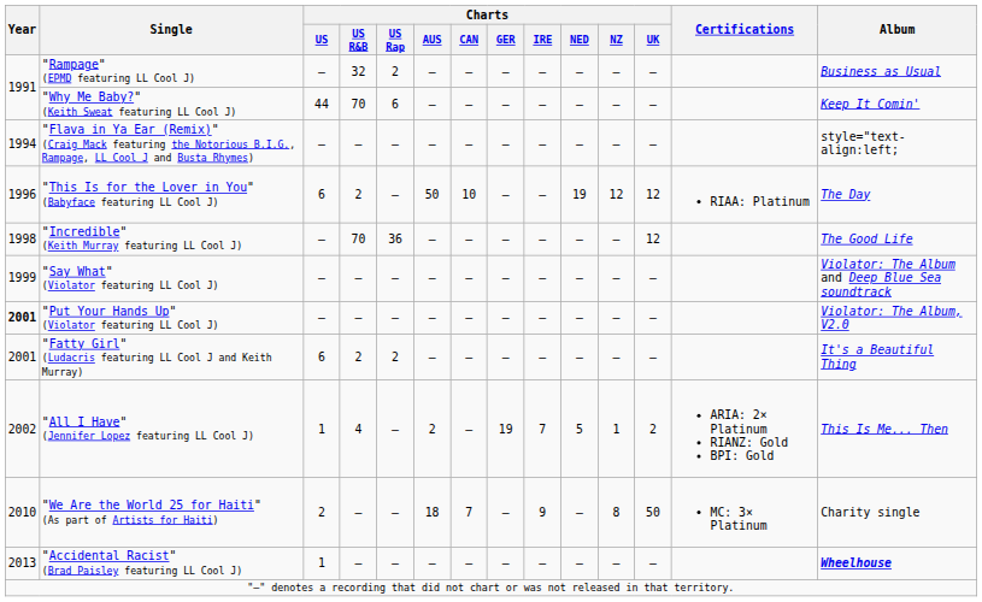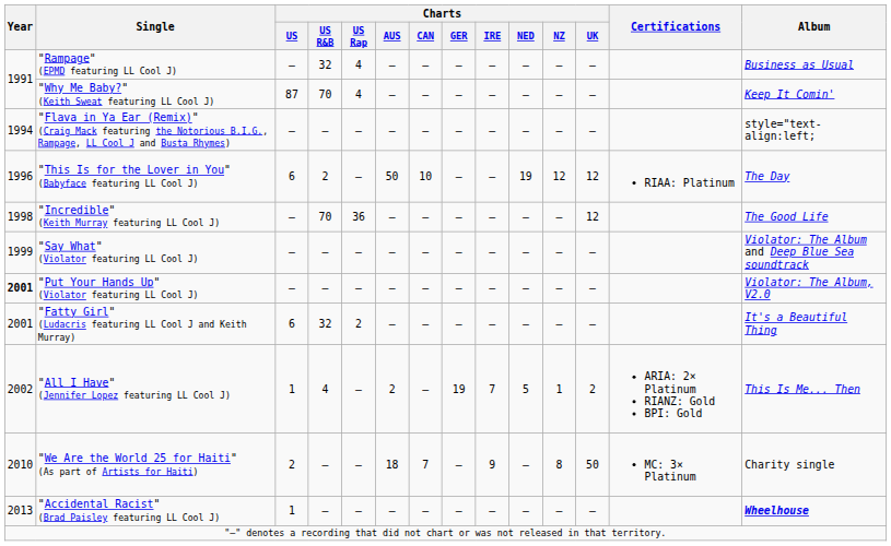 <table class="wikitable">
 <tr>
 <th rowspan="2">Year</th>
 <th rowspan="2" style="width:22em;">Single</th>
 <th colspan="10">Charts</th>
 <th rowspan="2" style="width:12em;"><a href='#'>Certifications</a></th>
 <th rowspan="2" style="width:13em;">Album</th>
 </tr>
 <tr>
 <th style="width:3em;font-size:90%;"><a href='#'>US</a><br></th>
 <th style="width:3em;font-size:90%;"><a href='#'>US<br>R&B</a><br></th>
 <th style="width:3em;font-size:90%;"><a href='#'>US<br>Rap</a><br></th>
 <th style="width:3em;font-size:90%;"><a href='#'>AUS</a><br></th>
 <th style="width:3em;font-size:90%;"><a href='#'>CAN</a><br></th>
 <th style="width:3em;font-size:90%;"><a href='#'>GER</a><br></th>
 <th style="width:3em;font-size:90%;"><a href='#'>IRE</a><br></th>
 <th style="width:3em;font-size:90%;"><a href='#'>NED</a><br></th>
 <th style="width:3em;font-size:90%;"><a href='#'>NZ</a><br></th>
 <th style="width:3em;font-size:90%;"><a href='#'>UK</a><br></th>
 </tr>
 <tr>
 <td rowspan="2">1991</td>
 <td>"<a href='#'>Rampage</a>" <br><small>(<a href='#'>EPMD</a> featuring LL Cool J)</small></td>
 <td align="center">—</td>
 <td align="center">32</td>
-<td align="center">2</td>
+<td align="center">4</td>
 <td align="center">—</td>
 <td align="center">—</td>
 <td align="center">—</td>
 <td align="center">—</td>
 <td align="center">—</td>
 <td align="center">—</td>
 <td align="center">—</td>
 <td></td>
 <td style="text-align:left;"><em><a href='#'>Business as Usual</a></em></td>
 </tr>
 <tr>
 <td>"<a href='#'>Why Me Baby?</a>" <br><small>(<a href='#'>Keith Sweat</a> featuring LL Cool J)</small></td>
-<td align="center">44</td>
+<td align="center">87</td>
 <td align="center">70</td>
-<td align="center">6</td>
+<td align="center">4</td>
 <td align="center">—</td>
 <td align="center">—</td>
 <td align="center">—</td>
 <td align="center">—</td>
 <td align="center">—</td>
 <td align="center">—</td>
 <td align="center">—</td>
 <td></td>
 <td style="text-align:left;"><em><a href='#'>Keep It Comin'</a></em></td>
 </tr>
 <tr>
 <td>1994</td>
 <td>"<a href='#'>Flava in Ya Ear (Remix)</a>" <br><small>(<a href='#'>Craig Mack</a> featuring <a href='#'>the Notorious B.I.G.</a>, <a href='#'>Rampage</a>, <a href='#'>LL Cool J</a> and <a href='#'>Busta Rhymes</a>)</small></td>
 <td align="center">—</td>
 <td align="center">—</td>
 <td align="center">—</td>
 <td align="center">—</td>
 <td align="center">—</td>
 <td align="center">—</td>
 <td align="center">—</td>
 <td align="center">—</td>
 <td align="center">—</td>
 <td align="center">—</td>
 <td></td>
 <td>style="text-align:left; </td>
 </tr>
 <tr>
 <td>1996</td>
 <td>"<a href='#'>This Is for the Lover in You</a>" <br><small>(<a href='#'>Babyface</a> featuring LL Cool J)</small></td>
 <td align="center">6</td>
 <td align="center">2</td>
 <td align="center">—</td>
 <td align="center">50</td>
 <td align="center">10</td>
 <td align="center">—</td>
 <td align="center">—</td>
 <td align="center">19</td>
 <td align="center">12</td>
 <td align="center">12</td>
 <td><br><ul><li>RIAA: Platinum</li></ul></td>
 <td style="text-align:left;"><em><a href='#'>The Day</a></em></td>
 </tr>
 <tr>
 <td>1998</td>
 <td>"<a href='#'>Incredible</a>" <br><small>(<a href='#'>Keith Murray</a> featuring LL Cool J)</small></td>
 <td align="center">—</td>
 <td align="center">70</td>
 <td align="center">36</td>
 <td align="center">—</td>
 <td align="center">—</td>
 <td align="center">—</td>
 <td align="center">—</td>
 <td align="center">—</td>
 <td align="center">—</td>
 <td align="center">12</td>
 <td></td>
 <td style="text-align:left;"><em><a href='#'>The Good Life</a></em></td>
 </tr>
 <tr>
 <td>1999</td>
 <td>"<a href='#'>Say What</a>"<br><small>(<a href='#'>Violator</a> featuring LL Cool J)</small></td>
 <td align="center">—</td>
 <td align="center">—</td>
 <td align="center">—</td>
 <td align="center">—</td>
 <td align="center">—</td>
 <td align="center">—</td>
 <td align="center">—</td>
 <td align="center">—</td>
 <td align="center">—</td>
 <td align="center">—</td>
 <td></td>
 <td style="text-align:left;"><em><a href='#'>Violator: The Album</a></em> and <em><a href='#'>Deep Blue Sea soundtrack</a></em></td>
 </tr>
 <tr>
 <td><strong>2001</strong></td>
 <td>"<a href='#'>Put Your Hands Up</a>"<br><small>(<a href='#'>Violator</a> featuring LL Cool J)</small></td>
 <td align="center">—</td>
 <td align="center">—</td>
 <td align="center">—</td>
 <td align="center">—</td>
 <td align="center">—</td>
 <td align="center">—</td>
 <td align="center">—</td>
 <td align="center">—</td>
 <td align="center">—</td>
 <td align="center">—</td>
 <td></td>
 <td style="text-align:left;"><em><a href='#'>Violator: The Album, V2.0</a></em></td>
 </tr>
 <tr>
 <td>2001</td>
 <td>"<a href='#'>Fatty Girl</a>" <br><small>(<a href='#'>Ludacris</a> featuring LL Cool J and Keith Murray)</small></td>
 <td align="center">6</td>
-<td align="center">2</td>
+<td align="center">32</td>
 <td align="center">2</td>
 <td align="center">—</td>
 <td align="center">—</td>
 <td align="center">—</td>
 <td align="center">—</td>
 <td align="center">—</td>
 <td align="center">—</td>
 <td align="center">—</td>
 <td></td>
 <td style="text-align:left;"><em><a href='#'>It's a Beautiful Thing</a></em></td>
 </tr>
 <tr>
 <td>2002</td>
 <td>"<a href='#'>All I Have</a>" <br><small>(<a href='#'>Jennifer Lopez</a> featuring LL Cool J)</small></td>
 <td align="center">1</td>
 <td align="center">4</td>
 <td align="center">—</td>
 <td align="center">2</td>
 <td align="center">—</td>
 <td align="center">19</td>
 <td align="center">7</td>
 <td align="center">5</td>
 <td align="center">1</td>
 <td align="center">2</td>
 <td><br><ul><li>ARIA: 2× Platinum</li><li>RIANZ: Gold</li><li>BPI: Gold</li></ul></td>
 <td style="text-align:left;"><em><a href='#'>This Is Me... Then</a></em></td>
 </tr>
 <tr>
 <td>2010</td>
 <td>"<a href='#'>We Are the World 25 for Haiti</a>" <br><small>(As part of <a href='#'>Artists for Haiti</a>)</small></td>
 <td align="center">2</td>
 <td align="center">—</td>
 <td align="center">—</td>
 <td align="center">18</td>
 <td align="center">7</td>
 <td align="center">—</td>
 <td align="center">9</td>
 <td align="center">—</td>
 <td align="center">8</td>
 <td align="center">50</td>
 <td><br><ul><li>MC: 3× Platinum</li></ul></td>
 <td style="text-align:left;">Charity single</td>
 </tr>
 <tr>
 <td>2013</td>
 <td>"<a href='#'>Accidental Racist</a>" <br><small>(<a href='#'>Brad Paisley</a> featuring LL Cool J)</small></td>
 <td align="center">1</td>
 <td align="center">—</td>
 <td align="center">—</td>
 <td align="center">—</td>
 <td align="center">—</td>
 <td align="center">—</td>
 <td align="center">—</td>
 <td align="center">—</td>
 <td align="center">—</td>
 <td align="center">—</td>
 <td></td>
 <td style="text-align:left;"><strong><em><a href='#'>Wheelhouse</a></em></strong></td>
 </tr>
 <tr>
 <td colspan="20" style="font-size:85%" align="center">"—" denotes a recording that did not chart or was not released in that territory.</td>
 </tr>
 </table>
